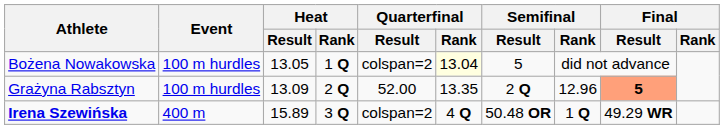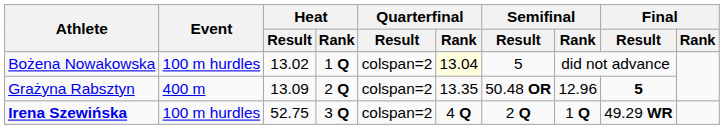 <table class="wikitable" style="font-size:90%">
 <tr>
 <th rowspan="2">Athlete</th>
 <th rowspan="2">Event</th>
 <th colspan="2">Heat</th>
 <th colspan="2">Quarterfinal</th>
 <th colspan="2">Semifinal</th>
 <th colspan="2">Final</th>
 </tr>
 <tr style="font-size:95%">
 <th>Result</th>
 <th>Rank</th>
 <th>Result</th>
 <th>Rank</th>
 <th>Result</th>
 <th>Rank</th>
 <th>Result</th>
 <th>Rank</th>
 </tr>
 <tr align=center>
 <td align=left><a href='#'>Bożena Nowakowska</a></td>
 <td align=left><a href='#'>100 m hurdles</a></td>
-<td>13.05</td>
+<td>13.02</td>
 <td>1 <strong>Q</strong></td>
 <td>colspan=2 </td>
 <td style="background: lightyellow;">13.04</td>
 <td>5</td>
 <td colspan=2>did not advance</td>
 </tr>
 <tr align=center>
 <td align=left><a href='#'>Grażyna Rabsztyn</a></td>
-<td align=left><a href='#'>100 m hurdles</a></td>
+<td align=left><a href='#'>400 m</a></td>
 <td>13.09</td>
 <td>2 <strong>Q</strong></td>
-<td>52.00</td>
+<td>colspan=2 </td>
 <td>13.35</td>
-<td>2 <strong>Q</strong></td>
+<td>50.48 <strong>OR</strong></td>
 <td>12.96</td>
-<td style="background: lightsalmon;"><strong>5</strong></td>
+<td><strong>5</strong></td>
 </tr>
 <tr align=center>
 <td align=left><strong><a href='#'>Irena Szewińska</a></strong></td>
-<td align=left><a href='#'>400 m</a></td>
-<td>15.89</td>
+<td align=left><a href='#'>100 m hurdles</a></td>
+<td>52.75</td>
 <td>3 <strong>Q</strong></td>
 <td>colspan=2 </td>
 <td>4 <strong>Q</strong></td>
-<td>50.48 <strong>OR</strong></td>
+<td>2 <strong>Q</strong></td>
 <td>1 <strong>Q</strong></td>
 <td>49.29 <strong>WR</strong></td>
 <td></td>
 </tr>
 </table>
